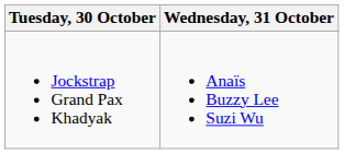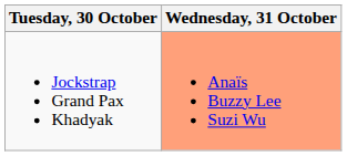 <table class="wikitable">
 <tr>
 <th>Tuesday, 30 October</th>
 <th>Wednesday, 31 October</th>
 </tr>
 <tr valign="top">
 <td><br><ul><li><a href='#'>Jockstrap</a></li><li>Grand Pax</li><li>Khadyak</li></ul></td>
-<td><br><ul><li><a href='#'>Anaïs</a></li><li><a href='#'>Buzzy Lee</a></li><li><a href='#'>Suzi Wu</a></li></ul></td>
+<td style="background: lightsalmon;"><br><ul><li><a href='#'>Anaïs</a></li><li><a href='#'>Buzzy Lee</a></li><li><a href='#'>Suzi Wu</a></li></ul></td>
 </tr>
 </table>
